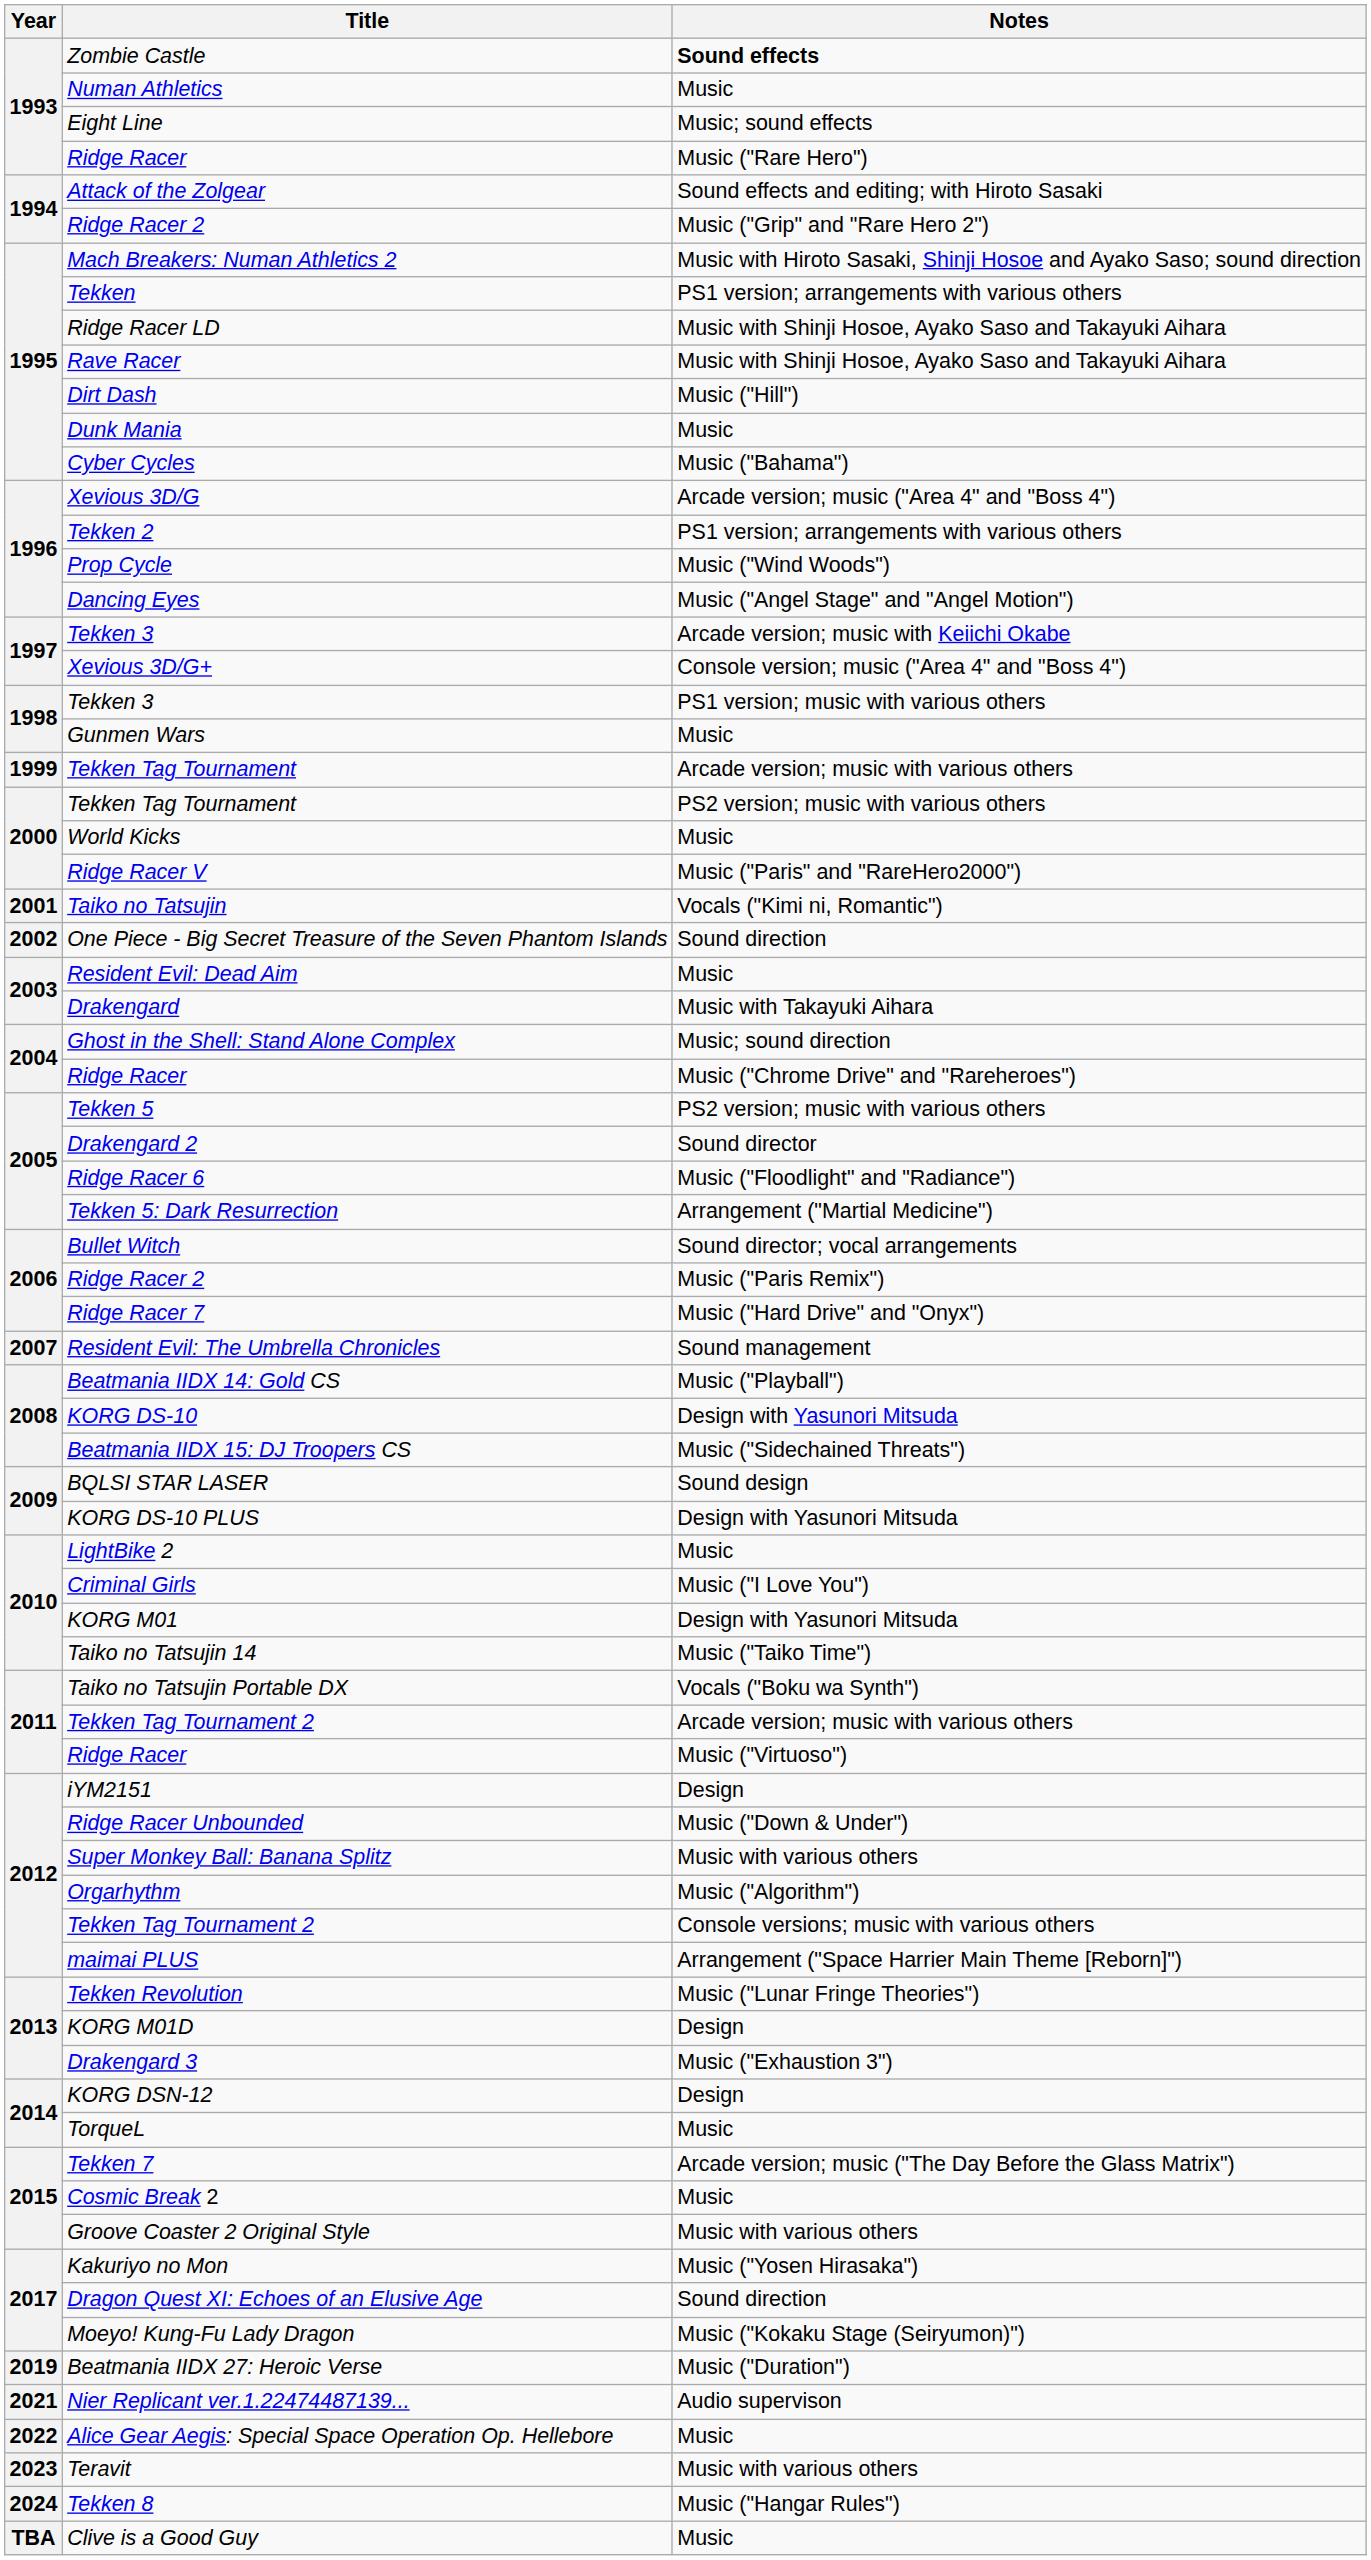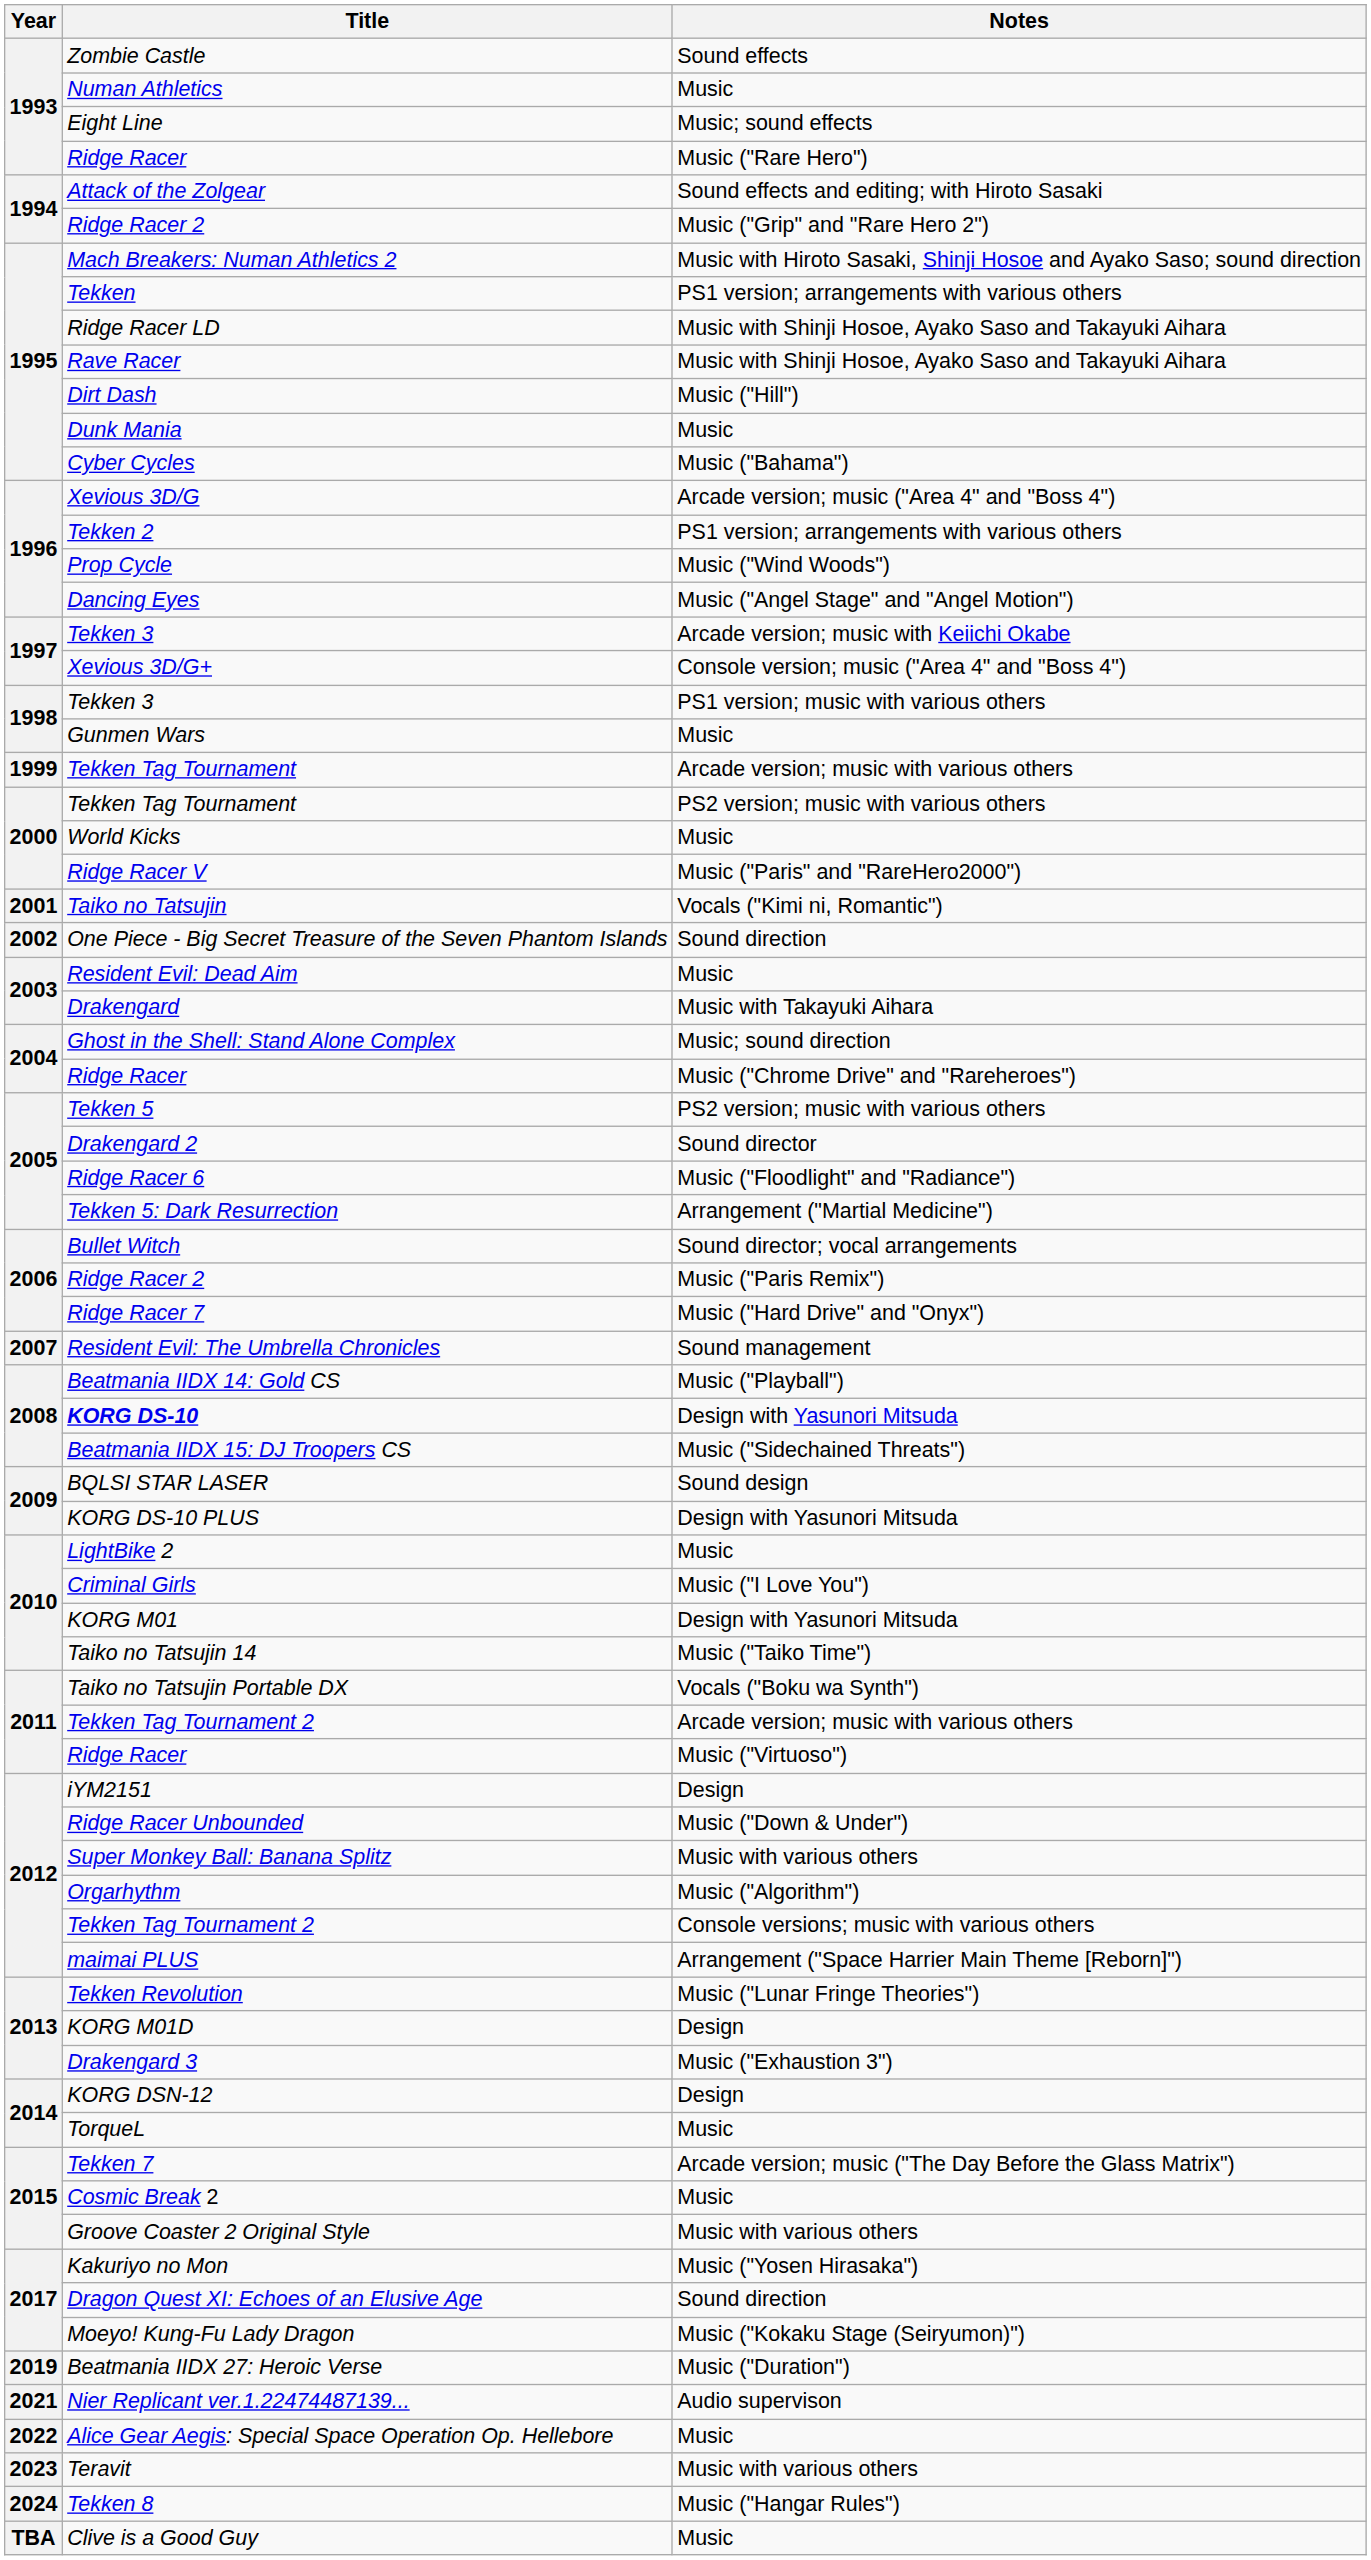 <table class="wikitable sortable">
 <tr>
 <th>Year</th>
 <th>Title</th>
 <th class="unsortable">Notes</th>
 </tr>
 <tr>
 <th rowspan="4">1993</th>
 <td><em>Zombie Castle</em></td>
-<td><strong>Sound effects</strong></td>
+<td>Sound effects</td>
 </tr>
 <tr>
 <td><em><a href='#'>Numan Athletics</a></em></td>
 <td>Music</td>
 </tr>
 <tr>
 <td><em>Eight Line</em></td>
 <td>Music; sound effects</td>
 </tr>
 <tr>
 <td><em><a href='#'>Ridge Racer</a></em></td>
 <td>Music ("Rare Hero")</td>
 </tr>
 <tr>
 <th rowspan="2">1994</th>
 <td><em><a href='#'>Attack of the Zolgear</a></em></td>
 <td>Sound effects and editing; with Hiroto Sasaki</td>
 </tr>
 <tr>
 <td><em><a href='#'>Ridge Racer 2</a></em></td>
 <td>Music ("Grip" and "Rare Hero 2")</td>
 </tr>
 <tr>
 <th rowspan="7">1995</th>
 <td><em><a href='#'>Mach Breakers: Numan Athletics 2</a></em></td>
 <td>Music with Hiroto Sasaki, <a href='#'>Shinji Hosoe</a> and Ayako Saso; sound direction</td>
 </tr>
 <tr>
 <td><em><a href='#'>Tekken</a></em></td>
 <td>PS1 version; arrangements with various others</td>
 </tr>
 <tr>
 <td><em>Ridge Racer LD</em></td>
 <td>Music with Shinji Hosoe, Ayako Saso and Takayuki Aihara</td>
 </tr>
 <tr>
 <td><em><a href='#'>Rave Racer</a></em></td>
 <td>Music with Shinji Hosoe, Ayako Saso and Takayuki Aihara</td>
 </tr>
 <tr>
 <td><em><a href='#'>Dirt Dash</a></em></td>
 <td>Music ("Hill")</td>
 </tr>
 <tr>
 <td><em><a href='#'>Dunk Mania</a></em></td>
 <td>Music</td>
 </tr>
 <tr>
 <td><em><a href='#'>Cyber Cycles</a></em></td>
 <td>Music ("Bahama")</td>
 </tr>
 <tr>
 <th rowspan="4">1996</th>
 <td><em><a href='#'>Xevious 3D/G</a></em></td>
 <td>Arcade version; music ("Area 4" and "Boss 4")</td>
 </tr>
 <tr>
 <td><em><a href='#'>Tekken 2</a></em></td>
 <td>PS1 version; arrangements with various others</td>
 </tr>
 <tr>
 <td><em><a href='#'>Prop Cycle</a></em></td>
 <td>Music ("Wind Woods")</td>
 </tr>
 <tr>
 <td><em><a href='#'>Dancing Eyes</a></em></td>
 <td>Music ("Angel Stage" and "Angel Motion")</td>
 </tr>
 <tr>
 <th rowspan="2">1997</th>
 <td><em><a href='#'>Tekken 3</a></em></td>
 <td>Arcade version; music with <a href='#'>Keiichi Okabe</a></td>
 </tr>
 <tr>
 <td><em><a href='#'>Xevious 3D/G+</a></em></td>
 <td>Console version; music ("Area 4" and "Boss 4")</td>
 </tr>
 <tr>
 <th rowspan="2">1998</th>
 <td><em>Tekken 3</em></td>
 <td>PS1 version; music with various others</td>
 </tr>
 <tr>
 <td><em>Gunmen Wars</em></td>
 <td>Music</td>
 </tr>
 <tr>
 <th>1999</th>
 <td><em><a href='#'>Tekken Tag Tournament</a></em></td>
 <td>Arcade version; music with various others</td>
 </tr>
 <tr>
 <th rowspan="3">2000</th>
 <td><em>Tekken Tag Tournament</em></td>
 <td>PS2 version; music with various others</td>
 </tr>
 <tr>
 <td><em>World Kicks</em></td>
 <td>Music</td>
 </tr>
 <tr>
 <td><em><a href='#'>Ridge Racer V</a></em></td>
 <td>Music ("Paris" and "RareHero2000")</td>
 </tr>
 <tr>
 <th>2001</th>
 <td><em><a href='#'>Taiko no Tatsujin</a></em></td>
 <td>Vocals ("Kimi ni, Romantic")</td>
 </tr>
 <tr>
 <th>2002</th>
 <td><em>One Piece - Big Secret Treasure of the Seven Phantom Islands</em></td>
 <td>Sound direction</td>
 </tr>
 <tr>
 <th rowspan="2">2003</th>
 <td><em><a href='#'>Resident Evil: Dead Aim</a></em></td>
 <td>Music</td>
 </tr>
 <tr>
 <td><em><a href='#'>Drakengard</a></em></td>
 <td>Music with Takayuki Aihara</td>
 </tr>
 <tr>
 <th rowspan="2">2004</th>
 <td><em><a href='#'>Ghost in the Shell: Stand Alone Complex</a></em></td>
 <td>Music; sound direction</td>
 </tr>
 <tr>
 <td><em><a href='#'>Ridge Racer</a></em></td>
 <td>Music ("Chrome Drive" and "Rareheroes")</td>
 </tr>
 <tr>
 <th rowspan="4">2005</th>
 <td><em><a href='#'>Tekken 5</a></em></td>
 <td>PS2 version; music with various others</td>
 </tr>
 <tr>
 <td><em><a href='#'>Drakengard 2</a></em></td>
 <td>Sound director</td>
 </tr>
 <tr>
 <td><em><a href='#'>Ridge Racer 6</a></em></td>
 <td>Music ("Floodlight" and "Radiance")</td>
 </tr>
 <tr>
 <td><em><a href='#'>Tekken 5: Dark Resurrection</a></em></td>
 <td>Arrangement ("Martial Medicine")</td>
 </tr>
 <tr>
 <th rowspan="3">2006</th>
 <td><em><a href='#'>Bullet Witch</a></em></td>
 <td>Sound director; vocal arrangements</td>
 </tr>
 <tr>
 <td><em><a href='#'>Ridge Racer 2</a></em></td>
 <td>Music ("Paris Remix")</td>
 </tr>
 <tr>
 <td><em><a href='#'>Ridge Racer 7</a></em></td>
 <td>Music ("Hard Drive" and "Onyx")</td>
 </tr>
 <tr>
 <th rowspan="1">2007</th>
 <td><em><a href='#'>Resident Evil: The Umbrella Chronicles</a></em></td>
 <td>Sound management</td>
 </tr>
 <tr>
 <th rowspan="3">2008</th>
 <td><em><a href='#'>Beatmania IIDX 14: Gold</a> CS</em></td>
 <td>Music ("Playball")</td>
 </tr>
 <tr>
-<td><em><a href='#'>KORG DS-10</a></em></td>
+<td><strong><em><a href='#'>KORG DS-10</a></em></strong></td>
 <td>Design with <a href='#'>Yasunori Mitsuda</a></td>
 </tr>
 <tr>
 <td><em><a href='#'>Beatmania IIDX 15: DJ Troopers</a> CS</em></td>
 <td>Music ("Sidechained Threats")</td>
 </tr>
 <tr>
 <th rowspan="2">2009</th>
 <td><em>BQLSI STAR LASER</em></td>
 <td>Sound design</td>
 </tr>
 <tr>
 <td><em>KORG DS-10 PLUS</em></td>
 <td>Design with Yasunori Mitsuda</td>
 </tr>
 <tr>
 <th rowspan="4">2010</th>
 <td><em><a href='#'>LightBike</a> 2</em></td>
 <td>Music</td>
 </tr>
 <tr>
 <td><em><a href='#'>Criminal Girls</a></em></td>
 <td>Music ("I Love You")</td>
 </tr>
 <tr>
 <td><em>KORG M01</em></td>
 <td>Design with Yasunori Mitsuda</td>
 </tr>
 <tr>
 <td><em>Taiko no Tatsujin 14</em></td>
 <td>Music ("Taiko Time")</td>
 </tr>
 <tr>
 <th rowspan="3">2011</th>
 <td><em>Taiko no Tatsujin Portable DX</em></td>
 <td>Vocals ("Boku wa Synth")</td>
 </tr>
 <tr>
 <td><em><a href='#'>Tekken Tag Tournament 2</a></em></td>
 <td>Arcade version; music with various others</td>
 </tr>
 <tr>
 <td><em><a href='#'>Ridge Racer</a></em></td>
 <td>Music ("Virtuoso")</td>
 </tr>
 <tr>
 <th rowspan="6">2012</th>
 <td><em>iYM2151</em></td>
 <td>Design</td>
 </tr>
 <tr>
 <td><em><a href='#'>Ridge Racer Unbounded</a></em></td>
 <td>Music ("Down & Under")</td>
 </tr>
 <tr>
 <td><em><a href='#'>Super Monkey Ball: Banana Splitz</a></em></td>
 <td>Music with various others</td>
 </tr>
 <tr>
 <td><em><a href='#'>Orgarhythm</a></em></td>
 <td>Music ("Algorithm")</td>
 </tr>
 <tr>
 <td><em><a href='#'>Tekken Tag Tournament 2</a></em></td>
 <td>Console versions; music with various others</td>
 </tr>
 <tr>
 <td><em><a href='#'>maimai PLUS</a></em></td>
 <td>Arrangement ("Space Harrier Main Theme [Reborn]")</td>
 </tr>
 <tr>
 <th rowspan="3">2013</th>
 <td><em><a href='#'>Tekken Revolution</a></em></td>
 <td>Music ("Lunar Fringe Theories")</td>
 </tr>
 <tr>
 <td><em>KORG M01D</em></td>
 <td>Design</td>
 </tr>
 <tr>
 <td><em><a href='#'>Drakengard 3</a></em></td>
 <td>Music ("Exhaustion 3")</td>
 </tr>
 <tr>
 <th rowspan="2">2014</th>
 <td><em>KORG DSN-12</em></td>
 <td>Design</td>
 </tr>
 <tr>
 <td><em>TorqueL</em></td>
 <td>Music</td>
 </tr>
 <tr>
 <th rowspan="3">2015</th>
 <td><em><a href='#'>Tekken 7</a></em></td>
 <td>Arcade version; music ("The Day Before the Glass Matrix")</td>
 </tr>
 <tr>
 <td><em><a href='#'>Cosmic Break</a></em> 2</td>
 <td>Music</td>
 </tr>
 <tr>
 <td><em>Groove Coaster 2 Original Style</em></td>
 <td>Music with various others</td>
 </tr>
 <tr>
 <th rowspan="3">2017</th>
 <td><em>Kakuriyo no Mon</em></td>
 <td>Music ("Yosen Hirasaka")</td>
 </tr>
 <tr>
 <td><em><a href='#'>Dragon Quest XI: Echoes of an Elusive Age</a></em></td>
 <td>Sound direction</td>
 </tr>
 <tr>
 <td><em>Moeyo! Kung-Fu Lady Dragon</em></td>
 <td>Music ("Kokaku Stage (Seiryumon)")</td>
 </tr>
 <tr>
 <th>2019</th>
 <td><em>Beatmania IIDX 27: Heroic Verse</em></td>
 <td>Music ("Duration")</td>
 </tr>
 <tr>
 <th>2021</th>
 <td><em><a href='#'>Nier Replicant ver.1.22474487139...</a></em></td>
 <td>Audio supervison</td>
 </tr>
 <tr>
 <th>2022</th>
 <td><em><a href='#'>Alice Gear Aegis</a>: Special Space Operation Op. Hellebore</em></td>
 <td>Music</td>
 </tr>
 <tr>
 <th>2023</th>
 <td><em>Teravit</em></td>
 <td>Music with various others</td>
 </tr>
 <tr>
 <th rowspan="1">2024</th>
 <td><em><a href='#'>Tekken 8</a></em></td>
 <td>Music ("Hangar Rules")</td>
 </tr>
 <tr>
 <th rowspan="1">TBA</th>
 <td><em>Clive is a Good Guy</em></td>
 <td>Music</td>
 </tr>
 </table>
